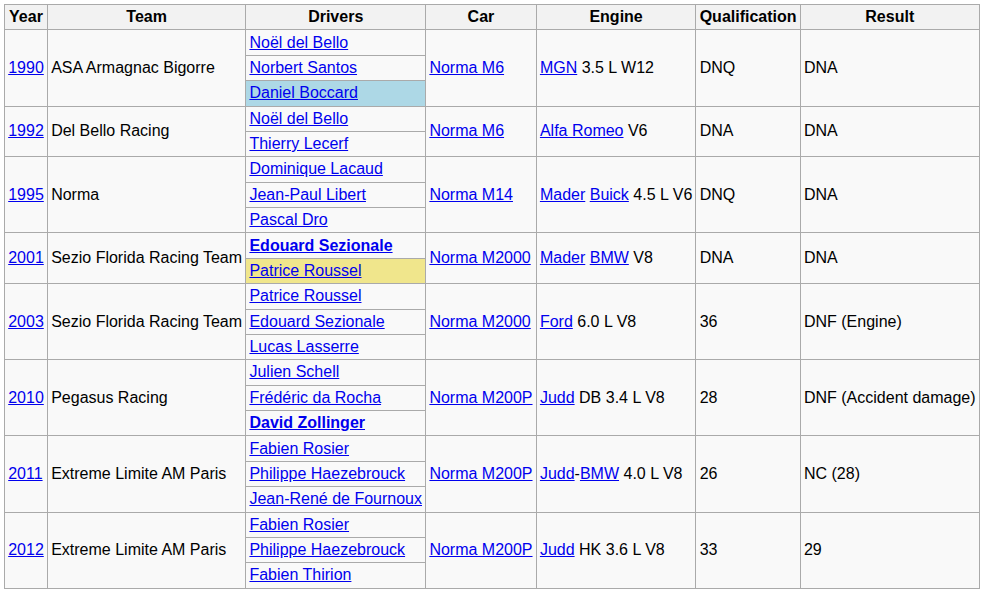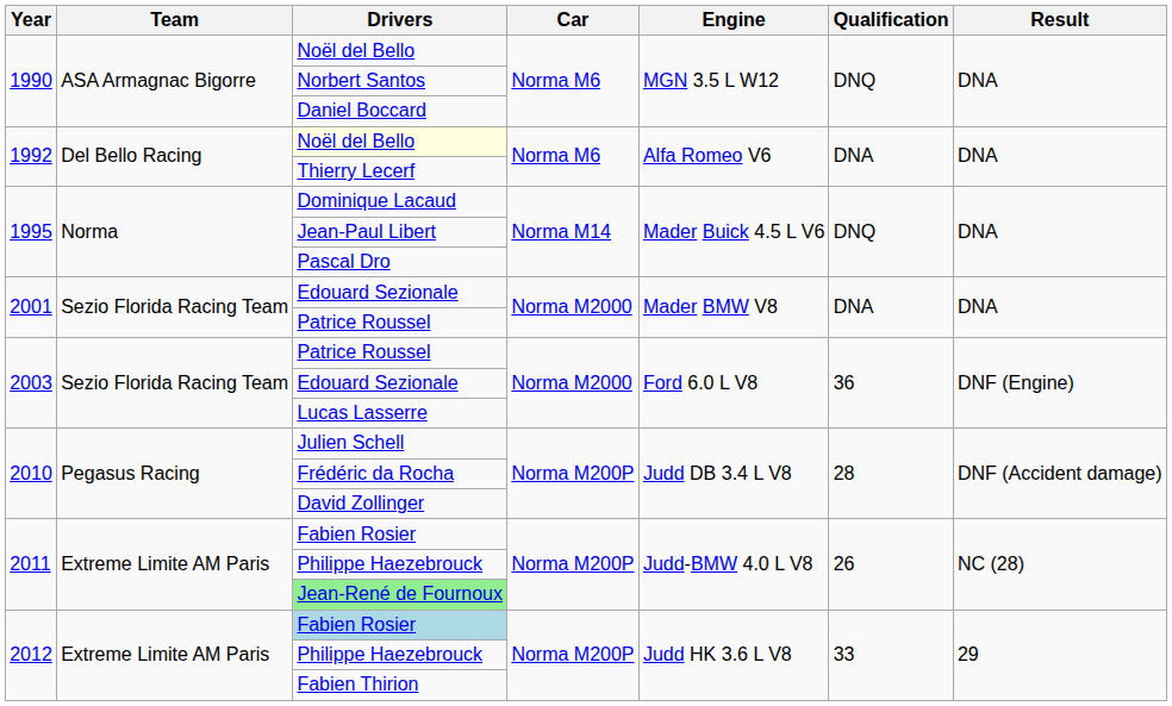 <table class="wikitable">
 <tr>
 <th>Year</th>
 <th>Team</th>
 <th>Drivers</th>
 <th>Car</th>
 <th>Engine</th>
 <th>Qualification</th>
 <th>Result</th>
 </tr>
 <tr>
 <td rowspan=3><a href='#'>1990</a></td>
 <td rowspan=3> ASA Armagnac Bigorre</td>
 <td> <a href='#'>Noël del Bello</a></td>
 <td rowspan=3><a href='#'>Norma M6</a></td>
 <td rowspan=3><a href='#'>MGN</a> 3.5 L W12</td>
 <td rowspan="3">DNQ</td>
 <td rowspan=3>DNA</td>
 </tr>
 <tr>
 <td> <a href='#'>Norbert Santos</a></td>
 </tr>
 <tr>
-<td style="background: lightblue;"> <a href='#'>Daniel Boccard</a></td>
+<td> <a href='#'>Daniel Boccard</a></td>
 </tr>
 <tr>
 <td rowspan=2><a href='#'>1992</a></td>
 <td rowspan=2> Del Bello Racing</td>
-<td> <a href='#'>Noël del Bello</a></td>
+<td style="background: lightyellow;"> <a href='#'>Noël del Bello</a></td>
 <td rowspan=2><a href='#'>Norma M6</a></td>
 <td rowspan=2><a href='#'>Alfa Romeo</a> V6</td>
 <td rowspan=2>DNA</td>
 <td rowspan=2>DNA</td>
 </tr>
 <tr>
 <td> <a href='#'>Thierry Lecerf</a></td>
 </tr>
 <tr>
 <td rowspan=3><a href='#'>1995</a></td>
 <td rowspan=3> Norma</td>
 <td> <a href='#'>Dominique Lacaud</a></td>
 <td rowspan=3><a href='#'>Norma M14</a></td>
 <td rowspan=3><a href='#'>Mader</a> <a href='#'>Buick</a> 4.5 L V6</td>
 <td rowspan="3">DNQ</td>
 <td rowspan=3>DNA</td>
 </tr>
 <tr>
 <td> <a href='#'>Jean-Paul Libert</a></td>
 </tr>
 <tr>
 <td> <a href='#'>Pascal Dro</a></td>
 </tr>
 <tr>
 <td rowspan=2><a href='#'>2001</a></td>
 <td rowspan=2> Sezio Florida Racing Team</td>
-<td><strong> <a href='#'>Edouard Sezionale</a></strong></td>
+<td> <a href='#'>Edouard Sezionale</a></td>
 <td rowspan=2><a href='#'>Norma M2000</a></td>
 <td rowspan=2><a href='#'>Mader</a> <a href='#'>BMW</a> V8</td>
 <td rowspan=2>DNA</td>
 <td rowspan=2>DNA</td>
 </tr>
 <tr>
-<td style="background: khaki;"> <a href='#'>Patrice Roussel</a></td>
+<td> <a href='#'>Patrice Roussel</a></td>
 </tr>
 <tr>
 <td rowspan=3><a href='#'>2003</a></td>
 <td rowspan=3> Sezio Florida Racing Team</td>
 <td> <a href='#'>Patrice Roussel</a></td>
 <td rowspan=3><a href='#'>Norma M2000</a></td>
 <td rowspan=3><a href='#'>Ford</a> 6.0 L V8</td>
 <td rowspan="3">36</td>
 <td rowspan=3>DNF (Engine)</td>
 </tr>
 <tr>
 <td> <a href='#'>Edouard Sezionale</a></td>
 </tr>
 <tr>
 <td> <a href='#'>Lucas Lasserre</a></td>
 </tr>
 <tr>
 <td rowspan=3><a href='#'>2010</a></td>
 <td rowspan=3> Pegasus Racing</td>
 <td> <a href='#'>Julien Schell</a></td>
 <td rowspan=3><a href='#'>Norma M200P</a></td>
 <td rowspan=3><a href='#'>Judd</a> DB 3.4 L V8</td>
 <td rowspan="3">28</td>
 <td rowspan=3>DNF (Accident damage)</td>
 </tr>
 <tr>
 <td> <a href='#'>Frédéric da Rocha</a></td>
 </tr>
 <tr>
-<td><strong> <a href='#'>David Zollinger</a></strong></td>
+<td> <a href='#'>David Zollinger</a></td>
 </tr>
 <tr>
 <td rowspan=3><a href='#'>2011</a></td>
 <td rowspan=3> Extreme Limite AM Paris</td>
 <td> <a href='#'>Fabien Rosier</a></td>
 <td rowspan=3><a href='#'>Norma M200P</a></td>
 <td rowspan=3><a href='#'>Judd</a>-<a href='#'>BMW</a> 4.0 L V8</td>
 <td rowspan="3">26</td>
 <td rowspan=3>NC (28)</td>
 </tr>
 <tr>
 <td> <a href='#'>Philippe Haezebrouck</a></td>
 </tr>
 <tr>
-<td> <a href='#'>Jean-René de Fournoux</a></td>
+<td style="background: lightgreen;"> <a href='#'>Jean-René de Fournoux</a></td>
 </tr>
 <tr>
 <td rowspan=3><a href='#'>2012</a></td>
 <td rowspan=3> Extreme Limite AM Paris</td>
-<td> <a href='#'>Fabien Rosier</a></td>
+<td style="background: lightblue;"> <a href='#'>Fabien Rosier</a></td>
 <td rowspan=3><a href='#'>Norma M200P</a></td>
 <td rowspan=3><a href='#'>Judd</a> HK 3.6 L V8</td>
 <td rowspan="3">33</td>
 <td rowspan=3>29</td>
 </tr>
 <tr>
 <td> <a href='#'>Philippe Haezebrouck</a></td>
 </tr>
 <tr>
 <td> <a href='#'>Fabien Thirion</a></td>
 </tr>
 </table>
